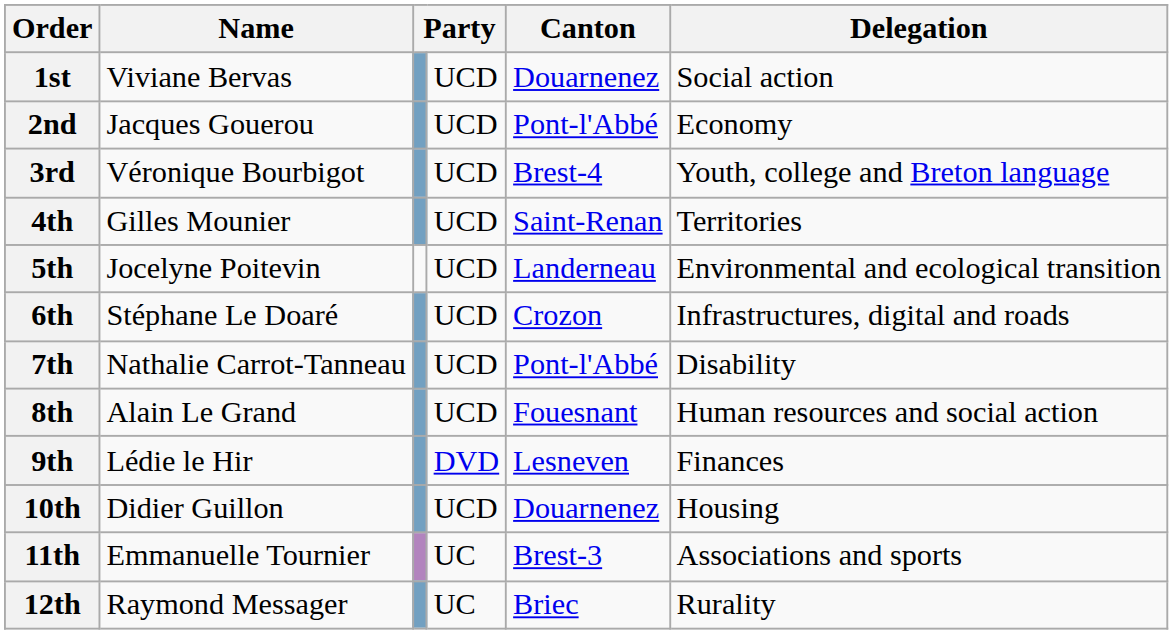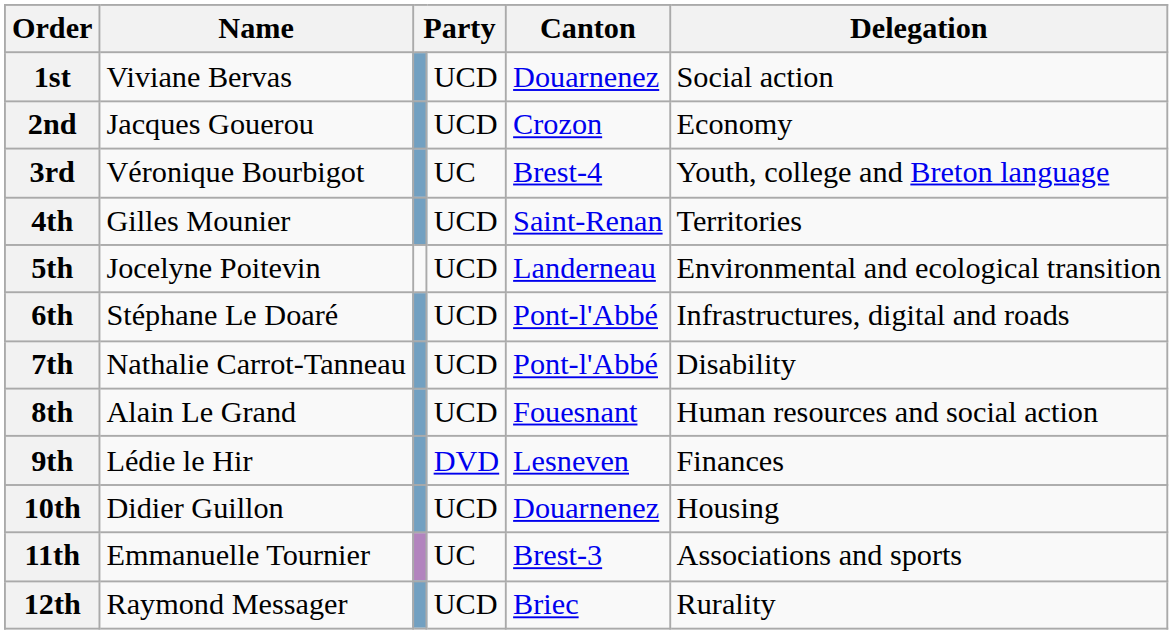 <table class="wikitable">
 <tr>
 <th>Order</th>
 <th>Name</th>
 <th colspan="2">Party</th>
 <th>Canton</th>
 <th>Delegation</th>
 </tr>
 <tr>
 <th>1st</th>
 <td>Viviane Bervas</td>
 <td style="color:inherit;background:#72A0C1"></td>
 <td>UCD</td>
 <td><a href='#'>Douarnenez</a></td>
 <td>Social action</td>
 </tr>
 <tr>
 <th>2nd</th>
 <td>Jacques Gouerou</td>
 <td style="color:inherit;background:#72A0C1"></td>
 <td>UCD</td>
-<td><a href='#'>Pont-l'Abbé</a></td>
+<td><a href='#'>Crozon</a></td>
 <td>Economy</td>
 </tr>
 <tr>
 <th>3rd</th>
 <td>Véronique Bourbigot</td>
 <td style="color:inherit;background:#72A0C1"></td>
-<td>UCD</td>
+<td>UC</td>
 <td><a href='#'>Brest-4</a></td>
 <td>Youth, college and <a href='#'>Breton language</a></td>
 </tr>
 <tr>
 <th>4th</th>
 <td>Gilles Mounier</td>
 <td style="color:inherit;background:#72A0C1"></td>
 <td>UCD</td>
 <td><a href='#'>Saint-Renan</a></td>
 <td>Territories</td>
 </tr>
 <tr>
 <th>5th</th>
 <td>Jocelyne Poitevin</td>
 <td style="color:inherit;background:"></td>
 <td>UCD</td>
 <td><a href='#'>Landerneau</a></td>
 <td>Environmental and ecological transition</td>
 </tr>
 <tr>
 <th>6th</th>
 <td>Stéphane Le Doaré</td>
 <td style="color:inherit;background:#72A0C1"></td>
 <td>UCD</td>
-<td><a href='#'>Crozon</a></td>
+<td><a href='#'>Pont-l'Abbé</a></td>
 <td>Infrastructures, digital and roads</td>
 </tr>
 <tr>
 <th>7th</th>
 <td>Nathalie Carrot-Tanneau</td>
 <td style="color:inherit;background:#72A0C1"></td>
 <td>UCD</td>
 <td><a href='#'>Pont-l'Abbé</a></td>
 <td>Disability</td>
 </tr>
 <tr>
 <th>8th</th>
 <td>Alain Le Grand</td>
 <td style="color:inherit;background:#72A0C1"></td>
 <td>UCD</td>
 <td><a href='#'>Fouesnant</a></td>
 <td>Human resources and social action</td>
 </tr>
 <tr>
 <th>9th</th>
 <td>Lédie le Hir</td>
 <td style="color:inherit;background:#72A0C1"></td>
 <td><a href='#'>DVD</a></td>
 <td><a href='#'>Lesneven</a></td>
 <td>Finances</td>
 </tr>
 <tr>
 <th>10th</th>
 <td>Didier Guillon</td>
 <td style="color:inherit;background:#72A0C1"></td>
 <td>UCD</td>
 <td><a href='#'>Douarnenez</a></td>
 <td>Housing</td>
 </tr>
 <tr>
 <th>11th</th>
 <td>Emmanuelle Tournier</td>
 <td style="color:inherit;background:#B284BE"></td>
 <td>UC</td>
 <td><a href='#'>Brest-3</a></td>
 <td>Associations and sports</td>
 </tr>
 <tr>
 <th>12th</th>
 <td>Raymond Messager</td>
 <td style="color:inherit;background:#72A0C1"></td>
-<td>UC</td>
+<td>UCD</td>
 <td><a href='#'>Briec</a></td>
 <td>Rurality</td>
 </tr>
 </table>
